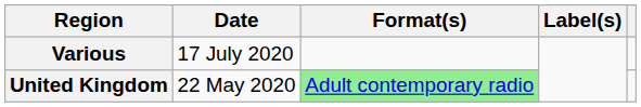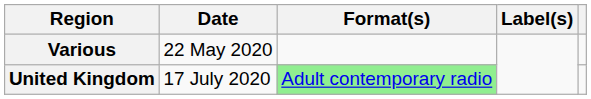 <table class="wikitable plainrowheaders">
 <tr>
 <th scope="col">Region</th>
 <th scope="col">Date</th>
 <th scope="col">Format(s)</th>
 <th scope="col">Label(s)</th>
 <th scope="col"></th>
 </tr>
 <tr>
 <th scope="row">Various</th>
-<td>17 July 2020</td>
+<td>22 May 2020</td>
 <td></td>
 <td rowspan="2"></td>
 <td style="text-align:center;"></td>
 </tr>
 <tr>
 <th scope="row">United Kingdom</th>
-<td>22 May 2020</td>
+<td>17 July 2020</td>
 <td style="background: lightgreen;"><a href='#'>Adult contemporary radio</a></td>
 <td style="text-align:center;"></td>
 </tr>
 </table>
